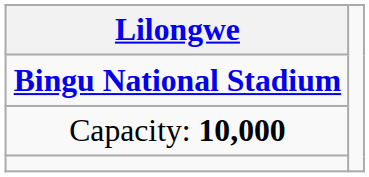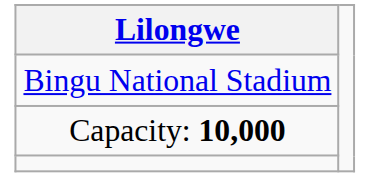 <table class="wikitable" style="text-align:center; margin:0.2em auto;">
 <tr>
 <th><a href='#'>Lilongwe</a></th>
 <td rowspan="4"></td>
 </tr>
 <tr>
-<td><strong><a href='#'>Bingu National Stadium</a></strong></td>
+<td><a href='#'>Bingu National Stadium</a></td>
 </tr>
 <tr>
 <td>Capacity: <strong>10,000</strong></td>
 </tr>
 <tr>
 <td></td>
 </tr>
 </table>
